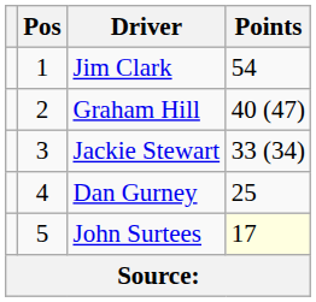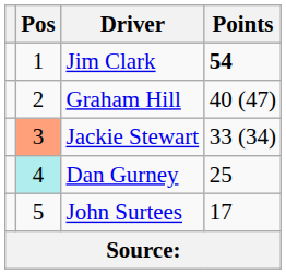 <table class="wikitable" style="font-size: 95%;">
 <tr>
 <th></th>
 <th>Pos</th>
 <th>Driver</th>
 <th>Points</th>
 </tr>
 <tr>
 <td align="left"></td>
 <td align="center">1</td>
 <td> <a href='#'>Jim Clark</a></td>
-<td align="left">54</td>
+<td align="left"><strong>54</strong></td>
 </tr>
 <tr>
 <td align="left"></td>
 <td align="center">2</td>
 <td> <a href='#'>Graham Hill</a></td>
 <td align="left">40 (47)</td>
 </tr>
 <tr>
 <td align="left"></td>
-<td align="center">3</td>
+<td align="center" style="background: lightsalmon;">3</td>
 <td> <a href='#'>Jackie Stewart</a></td>
 <td align="left">33 (34)</td>
 </tr>
 <tr>
 <td align="left"></td>
-<td align="center">4</td>
+<td align="center" style="background: paleturquoise;">4</td>
 <td> <a href='#'>Dan Gurney</a></td>
 <td align="left">25</td>
 </tr>
 <tr>
 <td align="left"></td>
 <td align="center">5</td>
 <td> <a href='#'>John Surtees</a></td>
-<td align="left" style="background: lightyellow;">17</td>
+<td align="left">17</td>
 </tr>
 <tr>
 <th colspan=4>Source: </th>
 </tr>
 </table>
